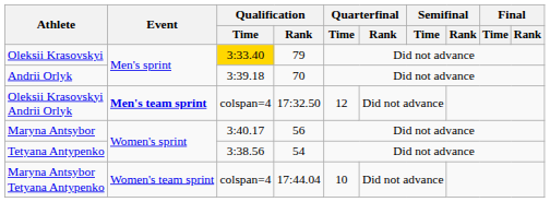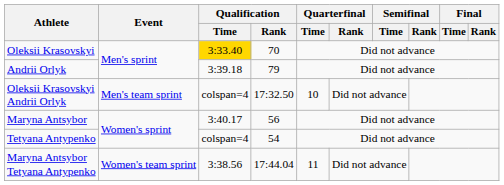 <table class="wikitable" style="font-size:90%">
 <tr>
 <th rowspan="2">Athlete</th>
 <th rowspan="2">Event</th>
 <th colspan="2">Qualification</th>
 <th colspan="2">Quarterfinal</th>
 <th colspan="2">Semifinal</th>
 <th colspan="2">Final</th>
 </tr>
 <tr style="font-size:95%">
 <th>Time</th>
 <th>Rank</th>
 <th>Time</th>
 <th>Rank</th>
 <th>Time</th>
 <th>Rank</th>
 <th>Time</th>
 <th>Rank</th>
 </tr>
 <tr align=center>
 <td align=left><a href='#'>Oleksii Krasovskyi</a></td>
 <td align=left rowspan=2><a href='#'>Men's sprint</a></td>
 <td style="background: gold;">3:33.40</td>
-<td>79</td>
+<td>70</td>
 <td colspan=6>Did not advance</td>
 </tr>
 <tr align=center>
 <td align=left><a href='#'>Andrii Orlyk</a></td>
 <td>3:39.18</td>
-<td>70</td>
+<td>79</td>
 <td colspan=6>Did not advance</td>
 </tr>
 <tr align=center>
 <td align=left><a href='#'>Oleksii Krasovskyi</a><br><a href='#'>Andrii Orlyk</a></td>
-<td align=left><strong><a href='#'>Men's team sprint</a></strong></td>
+<td align=left><a href='#'>Men's team sprint</a></td>
 <td>colspan=4 </td>
 <td>17:32.50</td>
-<td>12</td>
+<td>10</td>
 <td colspan=2>Did not advance</td>
 </tr>
 <tr align=center>
 <td align=left><a href='#'>Maryna Antsybor</a></td>
 <td align=left rowspan=2><a href='#'>Women's sprint</a></td>
 <td>3:40.17</td>
 <td>56</td>
 <td colspan=6>Did not advance</td>
 </tr>
 <tr align=center>
 <td align=left><a href='#'>Tetyana Antypenko</a></td>
-<td>3:38.56</td>
+<td>colspan=4 </td>
 <td>54</td>
 <td colspan=6>Did not advance</td>
 </tr>
 <tr align=center>
 <td align=left><a href='#'>Maryna Antsybor</a><br><a href='#'>Tetyana Antypenko</a></td>
 <td align=left><a href='#'>Women's team sprint</a></td>
-<td>colspan=4 </td>
+<td>3:38.56</td>
 <td>17:44.04</td>
-<td>10</td>
+<td>11</td>
 <td colspan=2>Did not advance</td>
 </tr>
 </table>
